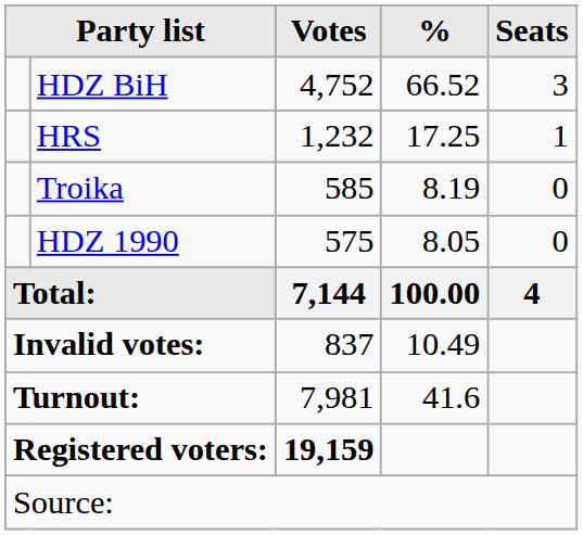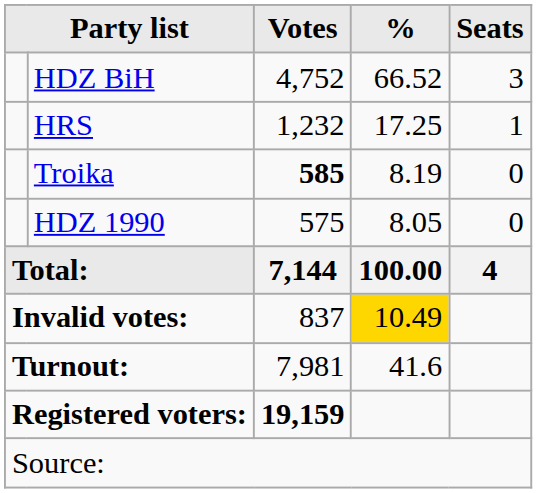 <table class="wikitable" border="1">
 <tr>
 <th colspan="2" align="center" style="background-color:#E9E9E9">Party list</th>
 <th align="center" style="background-color:#E9E9E9">Votes</th>
 <th align="center" style="background-color:#E9E9E9">%</th>
 <th align="center" style="background-color:#E9E9E9">Seats</th>
 </tr>
 <tr>
 <td></td>
 <td align="left"><a href='#'>HDZ BiH</a></td>
 <td align="right">4,752</td>
 <td align="right">66.52</td>
 <td align="right">3</td>
 </tr>
 <tr>
 <td></td>
 <td align="left"><a href='#'>HRS</a></td>
 <td align="right">1,232</td>
 <td align="right">17.25</td>
 <td align="right">1</td>
 </tr>
 <tr>
 <td></td>
 <td align="left"><a href='#'>Troika</a></td>
-<td align="right">585</td>
+<td align="right"><strong>585</strong></td>
 <td align="right">8.19</td>
 <td align="right">0</td>
 </tr>
 <tr>
 <td></td>
 <td align="left"><a href='#'>HDZ 1990</a></td>
 <td align="right">575</td>
 <td align="right">8.05</td>
 <td align="right">0</td>
 </tr>
 <tr style="background-color:#E9E9E9">
 <td colspan="2" align="left"><strong>Total:</strong></td>
 <th align="right">7,144</th>
 <th align="right">100.00</th>
 <th align="right">4</th>
 </tr>
 <tr>
 <td colspan="2" align="left"><strong>Invalid votes:</strong></td>
 <td align="right">837</td>
-<td align="right">10.49</td>
+<td align="right" style="background: gold;">10.49</td>
 <td align="right"></td>
 </tr>
 <tr>
 <td colspan="2" align="left"><strong>Turnout:</strong></td>
 <td align="right">7,981</td>
 <td align="right">41.6</td>
 <td align="right"></td>
 </tr>
 <tr>
 <td colspan="2" align="left"><strong>Registered voters:</strong></td>
 <td align="right"><strong>19,159</strong></td>
 <td align="right"></td>
 <td align="right"></td>
 </tr>
 <tr>
 <td colspan="5" align="left">Source: </td>
 </tr>
 </table>
